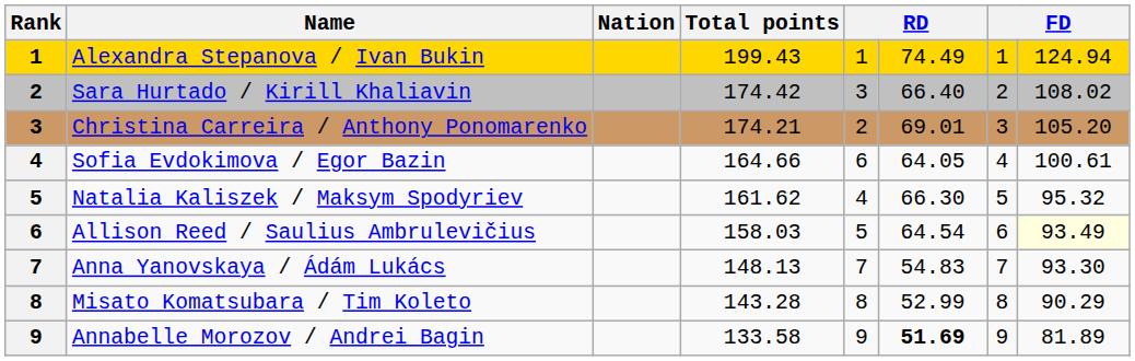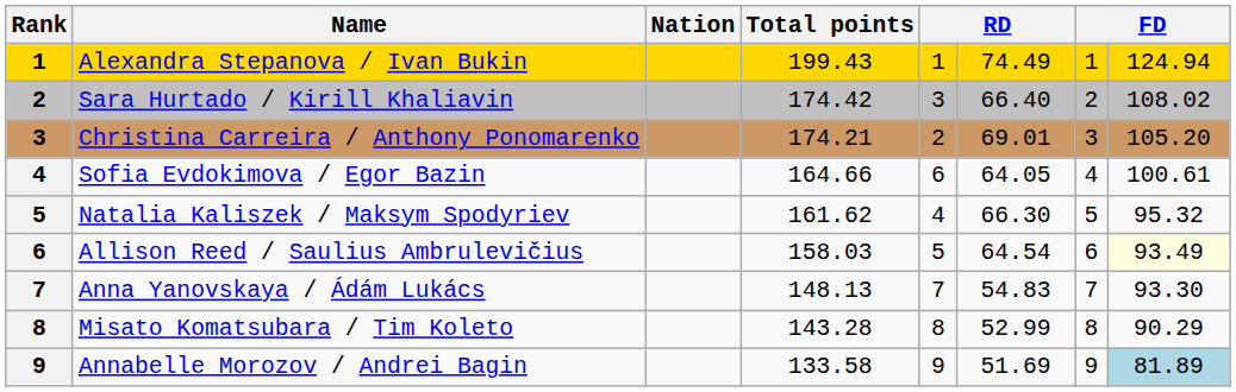 <table class="wikitable sortable">
 <tr>
 <th>Rank</th>
 <th>Name</th>
 <th>Nation</th>
 <th>Total points</th>
 <th colspan=2 width=80px><a href='#'>RD</a></th>
 <th colspan=2 width=80px><a href='#'>FD</a></th>
 </tr>
 <tr bgcolor=gold>
 <td align=center><strong>1</strong></td>
 <td><a href='#'>Alexandra Stepanova</a> / <a href='#'>Ivan Bukin</a></td>
 <td></td>
 <td align=center>199.43</td>
 <td align=center>1</td>
 <td align=center>74.49</td>
 <td align=center>1</td>
 <td align=center>124.94</td>
 </tr>
 <tr bgcolor=silver>
 <td align=center><strong>2</strong></td>
 <td><a href='#'>Sara Hurtado</a> / <a href='#'>Kirill Khaliavin</a></td>
 <td></td>
 <td align=center>174.42</td>
 <td align=center>3</td>
 <td align=center>66.40</td>
 <td align=center>2</td>
 <td align=center>108.02</td>
 </tr>
 <tr bgcolor=cc9966>
 <td align=center><strong>3</strong></td>
 <td><a href='#'>Christina Carreira</a> / <a href='#'>Anthony Ponomarenko</a></td>
 <td></td>
 <td align=center>174.21</td>
 <td align=center>2</td>
 <td align=center>69.01</td>
 <td align=center>3</td>
 <td align=center>105.20</td>
 </tr>
 <tr>
 <th>4</th>
 <td><a href='#'>Sofia Evdokimova</a> / <a href='#'>Egor Bazin</a></td>
 <td></td>
 <td align=center>164.66</td>
 <td align=center>6</td>
 <td align=center>64.05</td>
 <td align=center>4</td>
 <td align=center>100.61</td>
 </tr>
 <tr>
 <th>5</th>
 <td><a href='#'>Natalia Kaliszek</a> / <a href='#'>Maksym Spodyriev</a></td>
 <td></td>
 <td align=center>161.62</td>
 <td align=center>4</td>
 <td align=center>66.30</td>
 <td align=center>5</td>
 <td align=center>95.32</td>
 </tr>
 <tr>
 <th>6</th>
 <td><a href='#'>Allison Reed</a> / <a href='#'>Saulius Ambrulevičius</a></td>
 <td></td>
 <td align=center>158.03</td>
 <td align=center>5</td>
 <td align=center>64.54</td>
 <td align=center>6</td>
 <td align=center style="background: lightyellow;">93.49</td>
 </tr>
 <tr>
 <th>7</th>
 <td><a href='#'>Anna Yanovskaya</a> / <a href='#'>Ádám Lukács</a></td>
 <td></td>
 <td align=center>148.13</td>
 <td align=center>7</td>
 <td align=center>54.83</td>
 <td align=center>7</td>
 <td align=center>93.30</td>
 </tr>
 <tr>
 <th>8</th>
 <td><a href='#'>Misato Komatsubara</a> / <a href='#'>Tim Koleto</a></td>
 <td></td>
 <td align=center>143.28</td>
 <td align=center>8</td>
 <td align=center>52.99</td>
 <td align=center>8</td>
 <td align=center>90.29</td>
 </tr>
 <tr>
 <th>9</th>
 <td><a href='#'>Annabelle Morozov</a> / <a href='#'>Andrei Bagin</a></td>
 <td></td>
 <td align=center>133.58</td>
 <td align=center>9</td>
-<td align=center><strong>51.69</strong></td>
+<td align=center>51.69</td>
 <td align=center>9</td>
-<td align=center>81.89</td>
+<td align=center style="background: lightblue;">81.89</td>
 </tr>
 </table>
